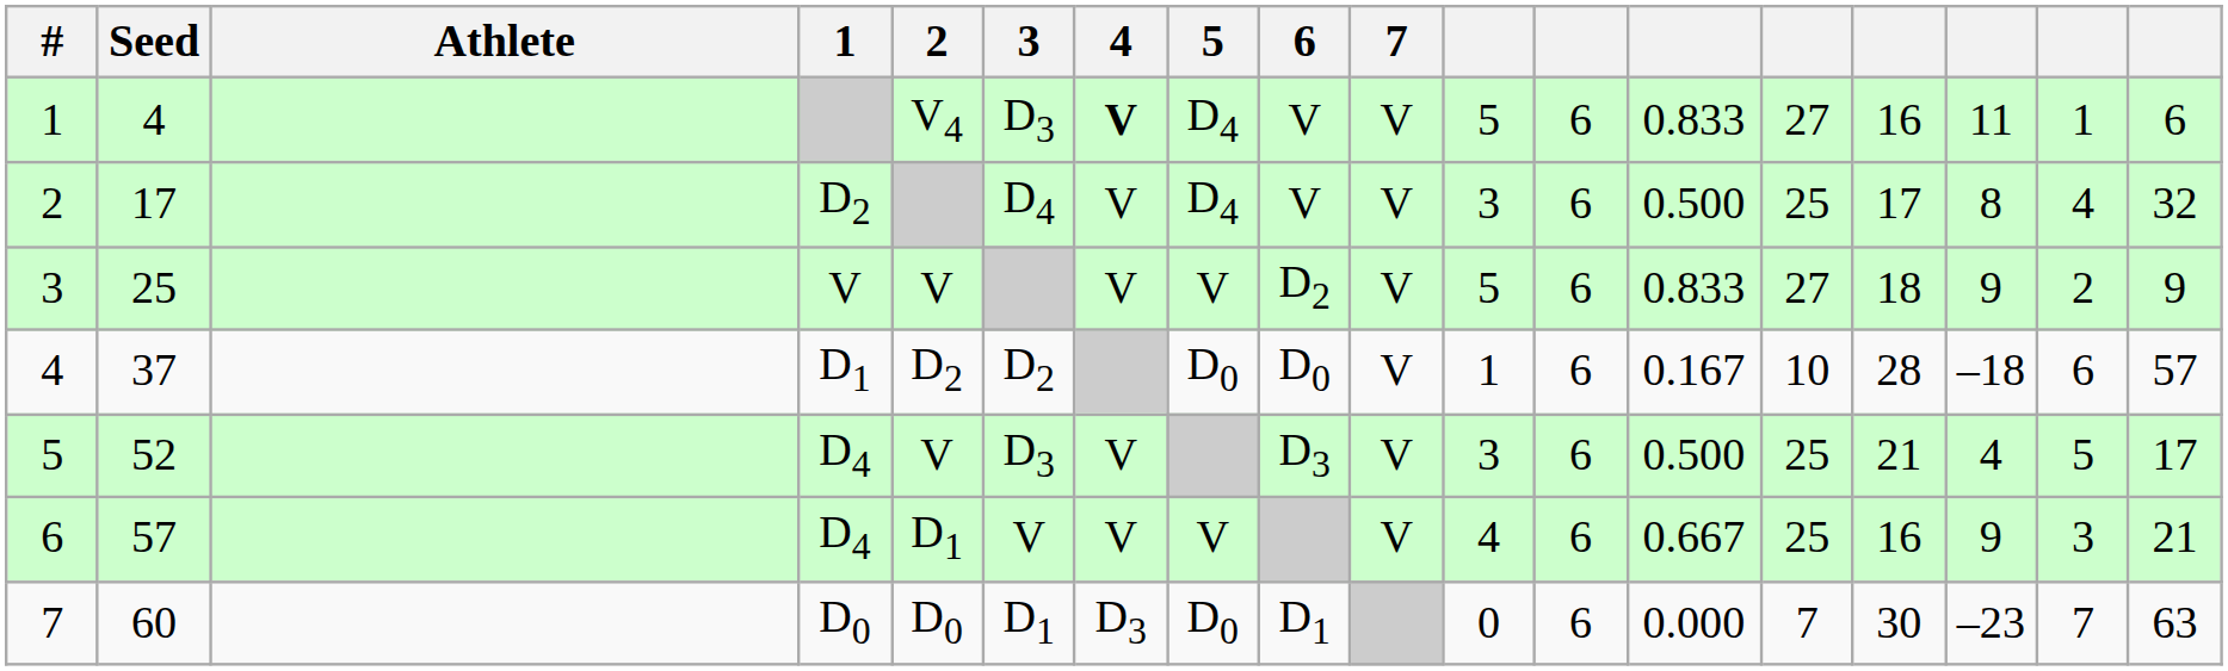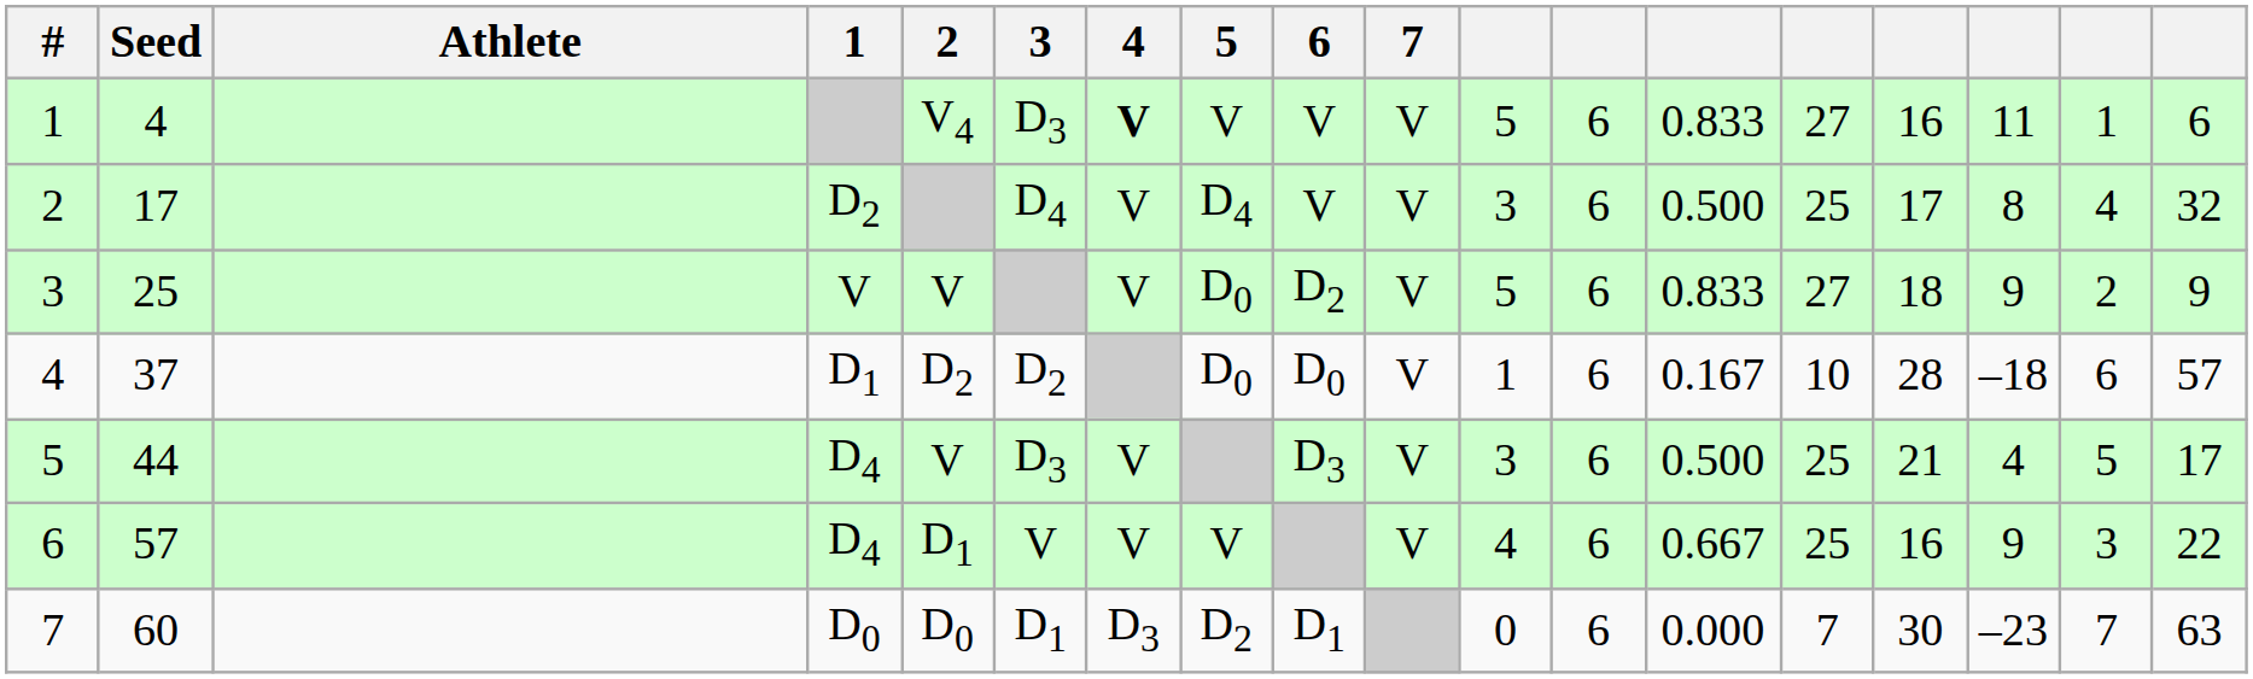 <table class="wikitable" style="text-align:center">
 <tr>
 <th width="25">#</th>
 <th width="25">Seed</th>
 <th width="200">Athlete</th>
 <th width="25">1</th>
 <th width="25">2</th>
 <th width="25">3</th>
 <th width="25">4</th>
 <th width="25">5</th>
 <th width="25">6</th>
 <th width="25">7</th>
 <th width="25"></th>
 <th width="25"></th>
 <th width="40"></th>
 <th width="25"></th>
 <th width="25"></th>
 <th width="25"></th>
 <th width="25"></th>
 <th width="25"></th>
 </tr>
 <tr bgcolor="#ccffcc">
 <td>1</td>
 <td>4</td>
 <td align=left></td>
 <td bgcolor="#cccccc"></td>
 <td>V<sub>4</sub></td>
 <td>D<sub>3</sub></td>
 <td><strong>V</strong></td>
-<td>D<sub>4</sub></td>
+<td>V</td>
 <td>V</td>
 <td>V</td>
 <td>5</td>
 <td>6</td>
 <td>0.833</td>
 <td>27</td>
 <td>16</td>
 <td>11</td>
 <td>1</td>
 <td>6</td>
 </tr>
 <tr bgcolor="#ccffcc">
 <td>2</td>
 <td>17</td>
 <td align=left></td>
 <td>D<sub>2</sub></td>
 <td bgcolor="#cccccc"></td>
 <td>D<sub>4</sub></td>
 <td>V</td>
 <td>D<sub>4</sub></td>
 <td>V</td>
 <td>V</td>
 <td>3</td>
 <td>6</td>
 <td>0.500</td>
 <td>25</td>
 <td>17</td>
 <td>8</td>
 <td>4</td>
 <td>32</td>
 </tr>
 <tr bgcolor="#ccffcc">
 <td>3</td>
 <td>25</td>
 <td align=left></td>
 <td>V</td>
 <td>V</td>
 <td bgcolor="#cccccc"></td>
 <td>V</td>
-<td>V</td>
+<td>D<sub>0</sub></td>
 <td>D<sub>2</sub></td>
 <td>V</td>
 <td>5</td>
 <td>6</td>
 <td>0.833</td>
 <td>27</td>
 <td>18</td>
 <td>9</td>
 <td>2</td>
 <td>9</td>
 </tr>
 <tr>
 <td>4</td>
 <td>37</td>
 <td align=left></td>
 <td>D<sub>1</sub></td>
 <td>D<sub>2</sub></td>
 <td>D<sub>2</sub></td>
 <td bgcolor="#cccccc"></td>
 <td>D<sub>0</sub></td>
 <td>D<sub>0</sub></td>
 <td>V</td>
 <td>1</td>
 <td>6</td>
 <td>0.167</td>
 <td>10</td>
 <td>28</td>
 <td>–18</td>
 <td>6</td>
 <td>57</td>
 </tr>
 <tr bgcolor="#ccffcc">
 <td>5</td>
-<td>52</td>
+<td>44</td>
 <td align=left></td>
 <td>D<sub>4</sub></td>
 <td>V</td>
 <td>D<sub>3</sub></td>
 <td>V</td>
 <td bgcolor="#cccccc"></td>
 <td>D<sub>3</sub></td>
 <td>V</td>
 <td>3</td>
 <td>6</td>
 <td>0.500</td>
 <td>25</td>
 <td>21</td>
 <td>4</td>
 <td>5</td>
 <td>17</td>
 </tr>
 <tr bgcolor="#ccffcc">
 <td>6</td>
 <td>57</td>
 <td align=left></td>
 <td>D<sub>4</sub></td>
 <td>D<sub>1</sub></td>
 <td>V</td>
 <td>V</td>
 <td>V</td>
 <td bgcolor="#cccccc"></td>
 <td>V</td>
 <td>4</td>
 <td>6</td>
 <td>0.667</td>
 <td>25</td>
 <td>16</td>
 <td>9</td>
 <td>3</td>
-<td>21</td>
+<td>22</td>
 </tr>
 <tr>
 <td>7</td>
 <td>60</td>
 <td align=left></td>
 <td>D<sub>0</sub></td>
 <td>D<sub>0</sub></td>
 <td>D<sub>1</sub></td>
 <td>D<sub>3</sub></td>
-<td>D<sub>0</sub></td>
+<td>D<sub>2</sub></td>
 <td>D<sub>1</sub></td>
 <td bgcolor="#cccccc"></td>
 <td>0</td>
 <td>6</td>
 <td>0.000</td>
 <td>7</td>
 <td>30</td>
 <td>–23</td>
 <td>7</td>
 <td>63</td>
 </tr>
 </table>
